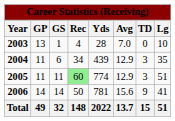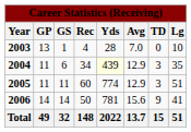 <table class="wikitable">
 <tr bgcolor="#8B0000">
 <td colspan="12" align="center"><span><strong>Career Statistics (Receiving)</strong></span></td>
 </tr>
 <tr align="center">
 <th>Year</th>
 <th>GP</th>
 <th>GS</th>
 <th>Rec</th>
 <th>Yds</th>
 <th>Avg</th>
 <th>TD</th>
 <th>Lg</th>
 </tr>
 <tr align="center">
 <td><strong>2003</strong></td>
 <td>13</td>
 <td>1</td>
 <td>4</td>
 <td>28</td>
 <td>7.0</td>
 <td>0</td>
 <td>10</td>
 </tr>
 <tr align="center">
 <td><strong>2004</strong></td>
 <td>11</td>
 <td>6</td>
 <td>34</td>
-<td>439</td>
+<td style="background: lightyellow;">439</td>
 <td>12.9</td>
 <td>3</td>
 <td>35</td>
 </tr>
 <tr align="center">
 <td><strong>2005</strong></td>
 <td>11</td>
 <td>11</td>
-<td style="background: lightgreen;">60</td>
+<td>60</td>
 <td>774</td>
 <td>12.9</td>
 <td>3</td>
 <td>51</td>
 </tr>
 <tr align="center">
 <td><strong>2006</strong></td>
 <td>14</td>
 <td>14</td>
 <td>50</td>
 <td>781</td>
 <td>15.6</td>
 <td>9</td>
 <td>41</td>
 </tr>
 <tr align="center">
 <th><strong>Total</strong></th>
 <th>49</th>
 <th>32</th>
 <th>148</th>
 <th>2022</th>
 <th>13.7</th>
 <th>15</th>
 <th>51</th>
 </tr>
 </table>
